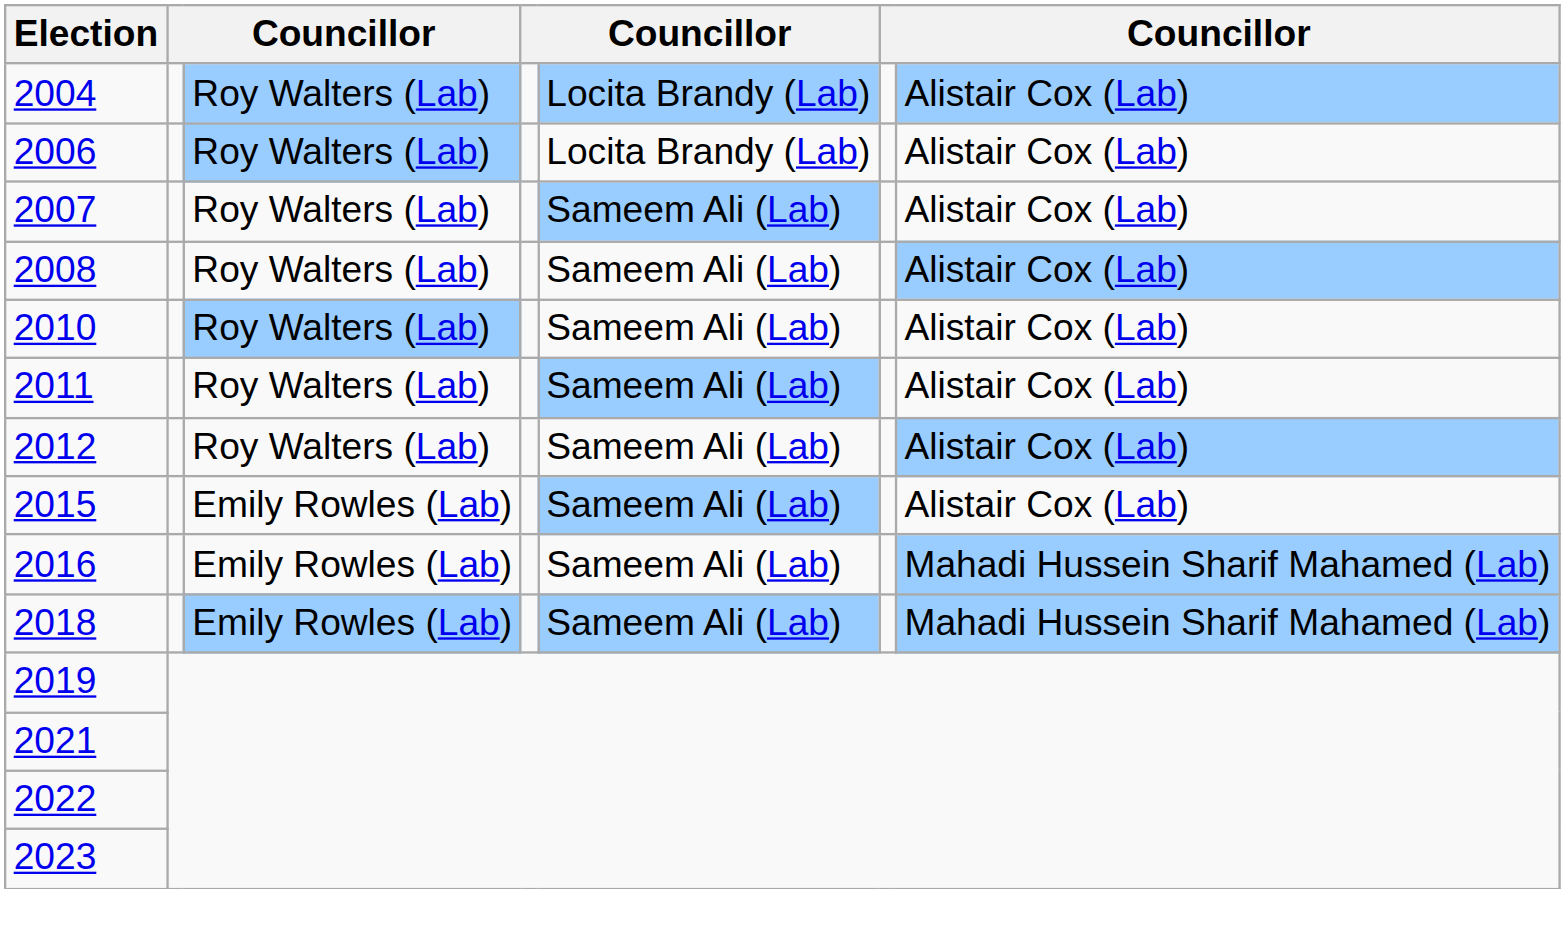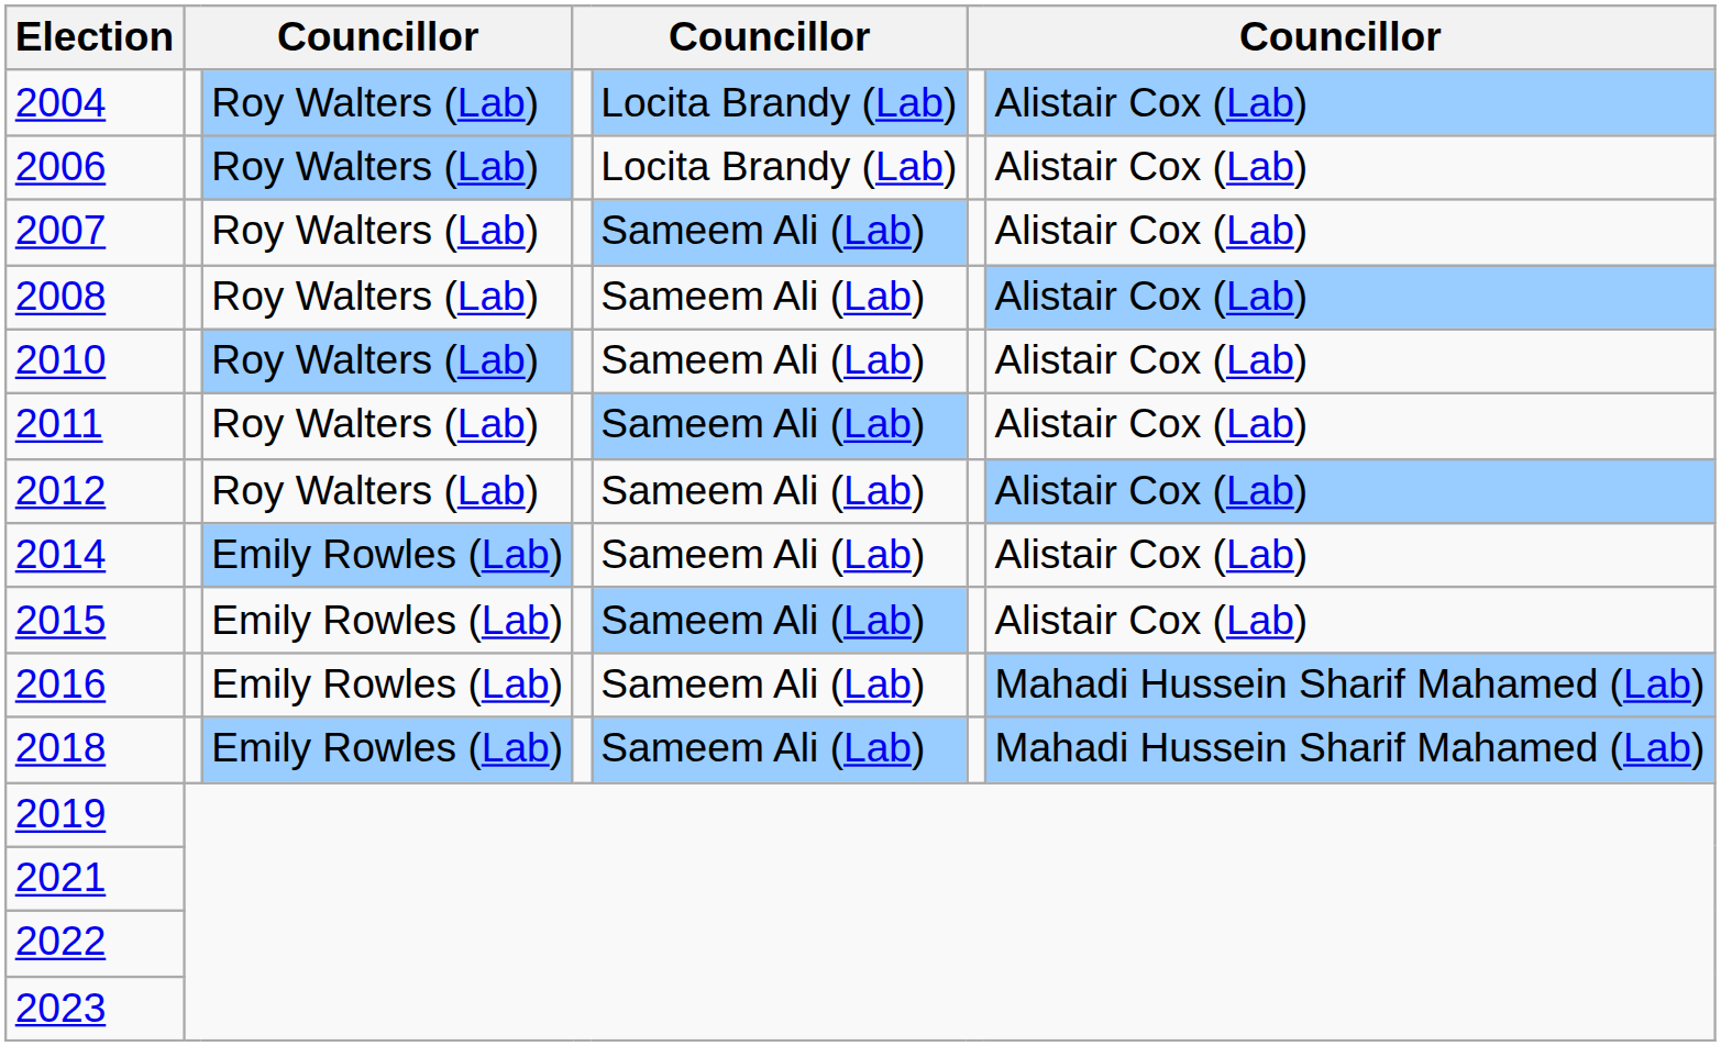 <table class="wikitable">
 <tr>
 <th>Election</th>
 <th colspan="2">Councillor</th>
 <th colspan="2">Councillor</th>
 <th colspan="2">Councillor</th>
 </tr>
 <tr>
 <td><a href='#'>2004</a></td>
 <td style="background-color: "></td>
 <td bgcolor="#99CCFF">Roy Walters (<a href='#'>Lab</a>)</td>
 <td style="background-color: "></td>
 <td bgcolor="#99CCFF">Locita Brandy (<a href='#'>Lab</a>)</td>
 <td style="background-color: "></td>
 <td bgcolor="#99CCFF">Alistair Cox (<a href='#'>Lab</a>)</td>
 </tr>
 <tr>
 <td><a href='#'>2006</a></td>
 <td style="background-color: "></td>
 <td bgcolor="#99CCFF">Roy Walters (<a href='#'>Lab</a>)</td>
 <td style="background-color: "></td>
 <td>Locita Brandy (<a href='#'>Lab</a>)</td>
 <td style="background-color: "></td>
 <td>Alistair Cox (<a href='#'>Lab</a>)</td>
 </tr>
 <tr>
 <td><a href='#'>2007</a></td>
 <td style="background-color: "></td>
 <td>Roy Walters (<a href='#'>Lab</a>)</td>
 <td style="background-color: "></td>
 <td bgcolor="#99CCFF">Sameem Ali (<a href='#'>Lab</a>)</td>
 <td style="background-color: "></td>
 <td>Alistair Cox (<a href='#'>Lab</a>)</td>
 </tr>
 <tr>
 <td><a href='#'>2008</a></td>
 <td style="background-color: "></td>
 <td>Roy Walters (<a href='#'>Lab</a>)</td>
 <td style="background-color: "></td>
 <td>Sameem Ali (<a href='#'>Lab</a>)</td>
 <td style="background-color: "></td>
 <td bgcolor="#99CCFF">Alistair Cox (<a href='#'>Lab</a>)</td>
 </tr>
 <tr>
 <td><a href='#'>2010</a></td>
 <td style="background-color: "></td>
 <td bgcolor="#99CCFF">Roy Walters (<a href='#'>Lab</a>)</td>
 <td style="background-color: "></td>
 <td>Sameem Ali (<a href='#'>Lab</a>)</td>
 <td style="background-color: "></td>
 <td>Alistair Cox (<a href='#'>Lab</a>)</td>
 </tr>
 <tr>
 <td><a href='#'>2011</a></td>
 <td style="background-color: "></td>
 <td>Roy Walters (<a href='#'>Lab</a>)</td>
 <td style="background-color: "></td>
 <td bgcolor="#99CCFF">Sameem Ali (<a href='#'>Lab</a>)</td>
 <td style="background-color: "></td>
 <td>Alistair Cox (<a href='#'>Lab</a>)</td>
 </tr>
 <tr>
 <td><a href='#'>2012</a></td>
 <td style="background-color: "></td>
 <td>Roy Walters (<a href='#'>Lab</a>)</td>
 <td style="background-color: "></td>
 <td>Sameem Ali (<a href='#'>Lab</a>)</td>
 <td style="background-color: "></td>
 <td bgcolor="#99CCFF">Alistair Cox (<a href='#'>Lab</a>)</td>
 </tr>
 <tr>
+<td><a href='#'>2014</a></td>
+<td style="background-color: "></td>
+<td bgcolor="#99CCFF">Emily Rowles (<a href='#'>Lab</a>)</td>
+<td style="background-color: "></td>
+<td>Sameem Ali (<a href='#'>Lab</a>)</td>
+<td style="background-color: "></td>
+<td>Alistair Cox (<a href='#'>Lab</a>)</td>
+</tr>
+<tr>
 <td><a href='#'>2015</a></td>
 <td style="background-color: "></td>
 <td>Emily Rowles (<a href='#'>Lab</a>)</td>
 <td style="background-color: "></td>
 <td bgcolor="#99CCFF">Sameem Ali (<a href='#'>Lab</a>)</td>
 <td style="background-color: "></td>
 <td>Alistair Cox (<a href='#'>Lab</a>)</td>
 </tr>
 <tr>
 <td><a href='#'>2016</a></td>
 <td style="background-color: "></td>
 <td>Emily Rowles (<a href='#'>Lab</a>)</td>
 <td style="background-color: "></td>
 <td>Sameem Ali (<a href='#'>Lab</a>)</td>
 <td style="background-color: "></td>
 <td bgcolor="#99CCFF">Mahadi Hussein Sharif Mahamed (<a href='#'>Lab</a>)</td>
 </tr>
 <tr>
 <td><a href='#'>2018</a></td>
 <td style="background-color: "></td>
 <td bgcolor="#99CCFF">Emily Rowles (<a href='#'>Lab</a>)</td>
 <td style="background-color: "></td>
 <td bgcolor="#99CCFF">Sameem Ali (<a href='#'>Lab</a>)</td>
 <td style="background-color: "></td>
 <td bgcolor="#99CCFF">Mahadi Hussein Sharif Mahamed (<a href='#'>Lab</a>)</td>
 </tr>
 <tr>
 <td><a href='#'>2019</a><br>  </td>
 </tr>
 <tr>
 <td><a href='#'>2021</a><br>  </td>
 </tr>
 <tr>
 <td><a href='#'>2022</a><br>  </td>
 </tr>
 <tr>
 <td><a href='#'>2023</a><br>  </td>
 </tr>
 </table>
